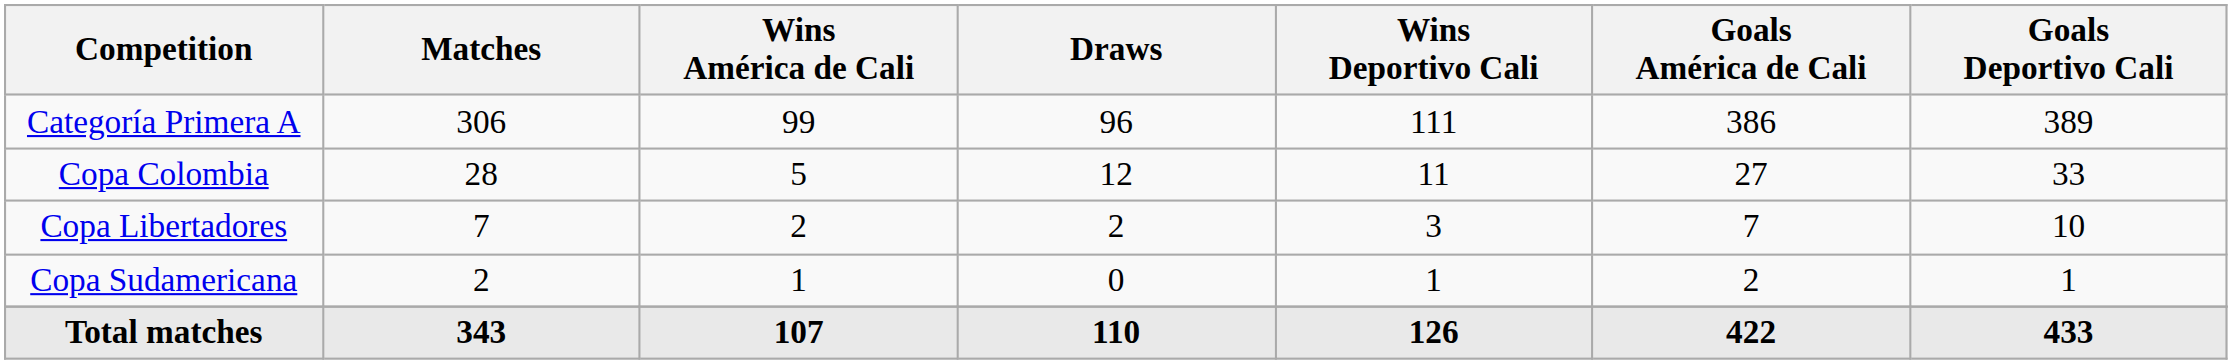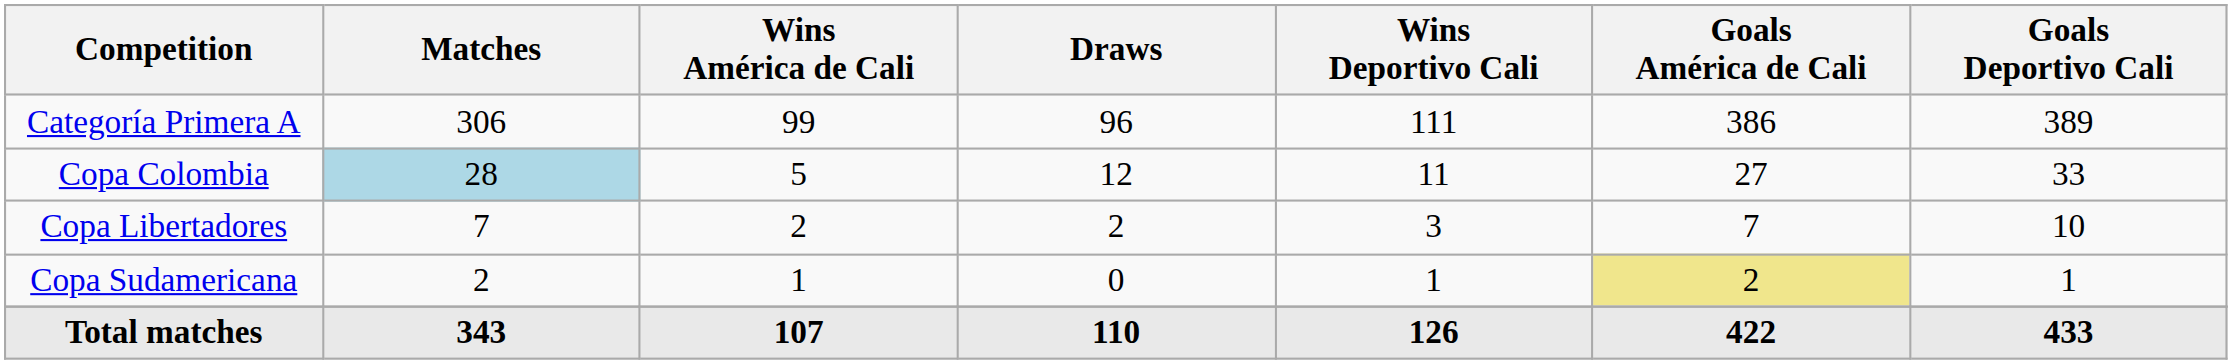 <table class="wikitable" style="text-align: center">
 <tr>
 <th width="13%">Competition</th>
 <th width="13%">Matches</th>
 <th width="13%">Wins<br>América de Cali</th>
 <th width="13%">Draws</th>
 <th width="13%">Wins<br>Deportivo Cali</th>
 <th width="13%">Goals<br>América de Cali</th>
 <th width="13%">Goals<br>Deportivo Cali</th>
 </tr>
 <tr>
 <td><a href='#'>Categoría Primera A</a></td>
 <td>306</td>
 <td>99</td>
 <td>96</td>
 <td>111</td>
 <td>386</td>
 <td>389</td>
 </tr>
 <tr>
 <td><a href='#'>Copa Colombia</a></td>
-<td>28</td>
+<td style="background: lightblue;">28</td>
 <td>5</td>
 <td>12</td>
 <td>11</td>
 <td>27</td>
 <td>33</td>
 </tr>
 <tr>
 <td><a href='#'>Copa Libertadores</a></td>
 <td>7</td>
 <td>2</td>
 <td>2</td>
 <td>3</td>
 <td>7</td>
 <td>10</td>
 </tr>
 <tr>
 <td><a href='#'>Copa Sudamericana</a></td>
 <td>2</td>
 <td>1</td>
 <td>0</td>
 <td>1</td>
-<td>2</td>
+<td style="background: khaki;">2</td>
 <td>1</td>
 </tr>
 <tr>
 </tr>
 <tr bgcolor=E9E9E9>
 <td><strong>Total matches</strong></td>
 <td><strong>343</strong></td>
 <td><strong>107</strong></td>
 <td><strong>110</strong></td>
 <td><strong>126</strong></td>
 <td><strong>422</strong></td>
 <td><strong>433</strong></td>
 </tr>
 </table>
